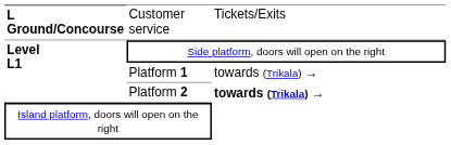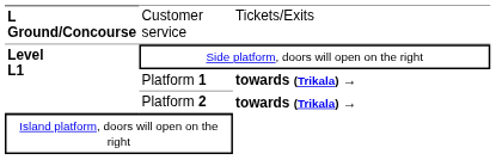 <table table border=0 cellspacing=0 cellpadding=3>
 <tr>
 <td style="border-bottom:solid 1px gray;border-top:solid 2px gray;" width=50 valign=top><strong>L<br>Ground/Concourse</strong></td>
 <td style="border-top:solid 1px gray;border-bottom:solid 1px gray;" width=100 valign=top>Customer service</td>
 <td style="border-top:solid 1px gray;border-bottom:solid 1px gray;" width=285 valign=top>Tickets/Exits</td>
 </tr>
 <tr>
 <td style="border-bottom:solid 1px gray;" rowspan=4 valign=top><strong>Level<br>L1</strong></td>
 <td style="border-top:solid 2px black;border-right:solid 2px black;border-left:solid 2px black;border-bottom:solid 2px black;text-align:center;" colspan=2><small><a href='#'>Side platform</a>, doors will open on the right</small></td>
 </tr>
 <tr>
 <td style="border-bottom:solid 1px gray;">Platform <span><strong>1</strong></span></td>
-<td> towards  <small>(<a href='#'>Trikala</a>)</small> →</td>
+<td><strong> towards  <small>(<a href='#'>Trikala</a>)</small> →</strong></td>
 </tr>
 <tr>
 <td style="border-bottom:solid 1px gray;">Platform <span><strong>2</strong></span></td>
 <td><strong> towards  <small>(<a href='#'>Trikala</a>)</small> →</strong></td>
 </tr>
 <tr>
 </tr>
 <tr>
 <td style="border-top:solid 2px black;border-left:solid 2px black;border-right:solid 2px black;border-bottom:solid 2px black;text-align:center;" colspan=2><small><a href='#'>Island platform</a>, doors will open on the right</small></td>
 </tr>
 </table>
